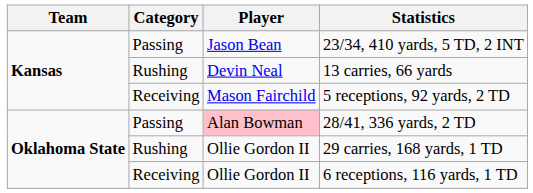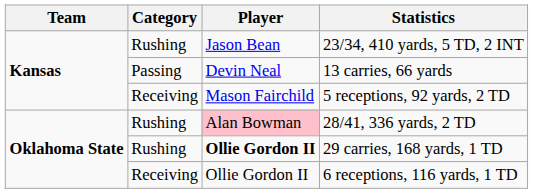 <table class="wikitable" style="float: right;">
 <tr>
 <th>Team</th>
 <th>Category</th>
 <th>Player</th>
 <th>Statistics</th>
 </tr>
 <tr>
 <td rowspan=3><strong>Kansas</strong></td>
-<td>Passing</td>
+<td>Rushing</td>
 <td><a href='#'>Jason Bean</a></td>
 <td>23/34, 410 yards, 5 TD, 2 INT</td>
 </tr>
 <tr>
-<td>Rushing</td>
+<td>Passing</td>
 <td><a href='#'>Devin Neal</a></td>
 <td>13 carries, 66 yards</td>
 </tr>
 <tr>
 <td>Receiving</td>
 <td><a href='#'>Mason Fairchild</a></td>
 <td>5 receptions, 92 yards, 2 TD</td>
 </tr>
 <tr>
 <td rowspan=3><strong>Oklahoma State</strong></td>
-<td>Passing</td>
+<td>Rushing</td>
 <td style="background: pink;">Alan Bowman</td>
 <td>28/41, 336 yards, 2 TD</td>
 </tr>
 <tr>
 <td>Rushing</td>
-<td>Ollie Gordon II</td>
+<td><strong>Ollie Gordon II</strong></td>
 <td>29 carries, 168 yards, 1 TD</td>
 </tr>
 <tr>
 <td>Receiving</td>
 <td>Ollie Gordon II</td>
 <td>6 receptions, 116 yards, 1 TD</td>
 </tr>
 </table>
